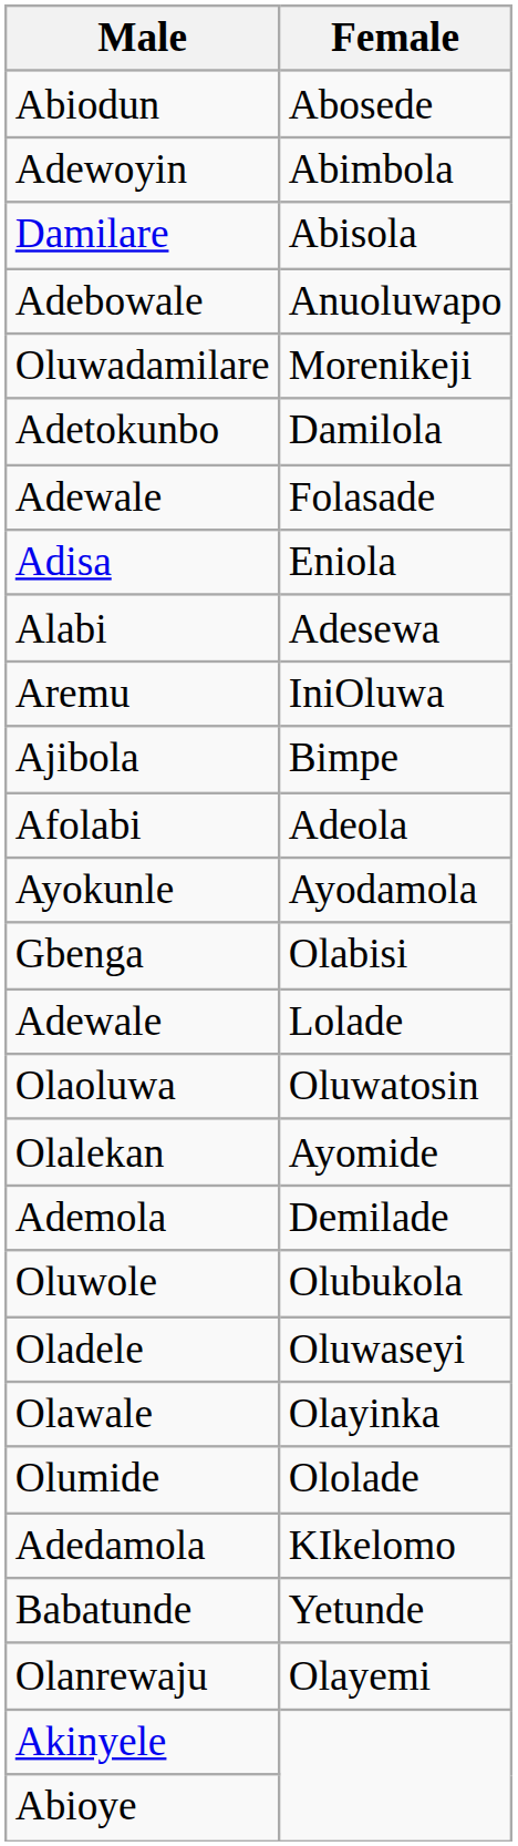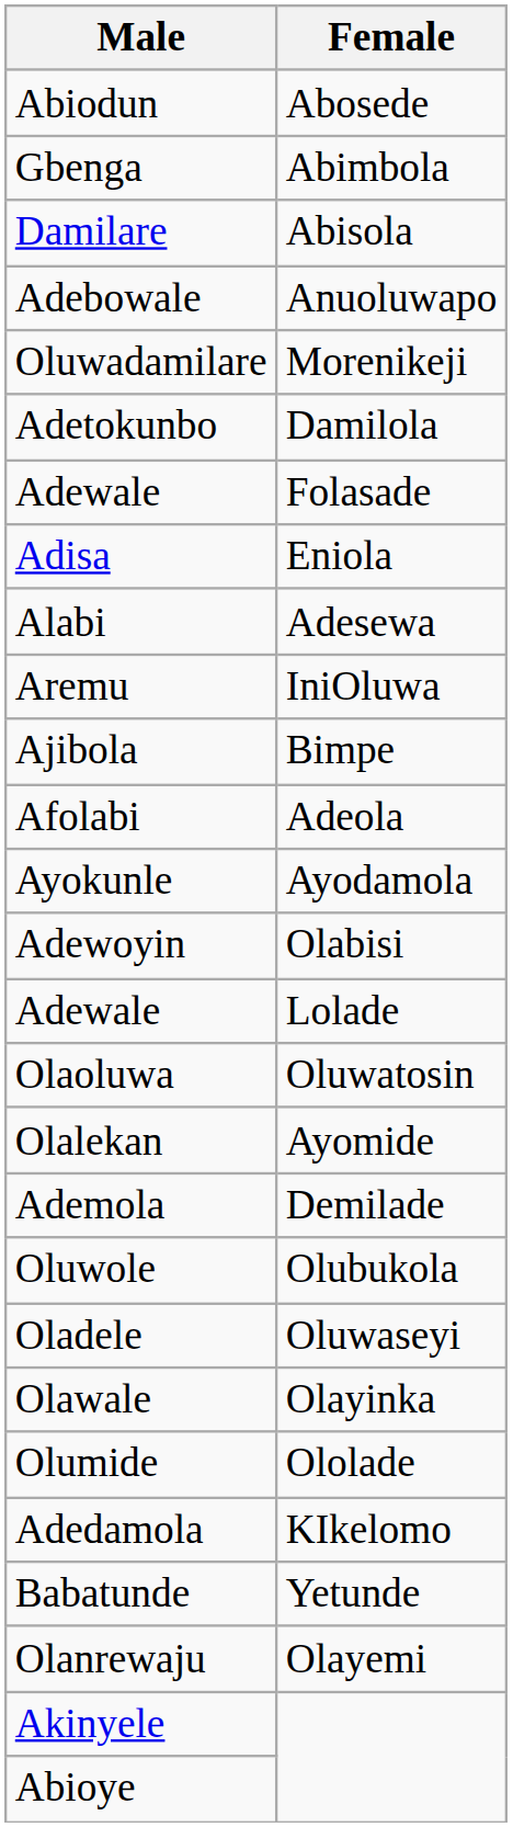 <table class="wikitable">
 <tr>
 <th>Male</th>
 <th>Female</th>
 </tr>
 <tr>
 <td>Abiodun</td>
 <td>Abosede</td>
 </tr>
 <tr>
-<td>Adewoyin</td>
+<td>Gbenga</td>
 <td>Abimbola</td>
 </tr>
 <tr>
 <td><a href='#'>Damilare</a></td>
 <td>Abisola</td>
 </tr>
 <tr>
 <td>Adebowale</td>
 <td>Anuoluwapo</td>
 </tr>
 <tr>
 <td>Oluwadamilare</td>
 <td>Morenikeji</td>
 </tr>
 <tr>
 <td>Adetokunbo</td>
 <td>Damilola</td>
 </tr>
 <tr>
 <td>Adewale</td>
 <td>Folasade</td>
 </tr>
 <tr>
 <td><a href='#'>Adisa</a></td>
 <td>Eniola</td>
 </tr>
 <tr>
 <td>Alabi</td>
 <td>Adesewa</td>
 </tr>
 <tr>
 <td>Aremu</td>
 <td>IniOluwa</td>
 </tr>
 <tr>
 <td>Ajibola</td>
 <td>Bimpe</td>
 </tr>
 <tr>
 <td>Afolabi</td>
 <td>Adeola</td>
 </tr>
 <tr>
 <td>Ayokunle</td>
 <td>Ayodamola</td>
 </tr>
 <tr>
-<td>Gbenga</td>
+<td>Adewoyin</td>
 <td>Olabisi</td>
 </tr>
 <tr>
 <td>Adewale</td>
 <td>Lolade</td>
 </tr>
 <tr>
 <td>Olaoluwa</td>
 <td>Oluwatosin</td>
 </tr>
 <tr>
 <td>Olalekan</td>
 <td>Ayomide</td>
 </tr>
 <tr>
 <td>Ademola</td>
 <td>Demilade</td>
 </tr>
 <tr>
 <td>Oluwole</td>
 <td>Olubukola</td>
 </tr>
 <tr>
 <td>Oladele</td>
 <td>Oluwaseyi</td>
 </tr>
 <tr>
 <td>Olawale</td>
 <td>Olayinka</td>
 </tr>
 <tr>
 <td>Olumide</td>
 <td>Ololade</td>
 </tr>
 <tr>
 <td>Adedamola</td>
 <td>KIkelomo</td>
 </tr>
 <tr>
 <td>Babatunde</td>
 <td>Yetunde</td>
 </tr>
 <tr>
 <td>Olanrewaju</td>
 <td>Olayemi</td>
 </tr>
 <tr>
 <td><a href='#'>Akinyele</a></td>
 <td rowspan="2"></td>
 </tr>
 <tr>
 <td>Abioye</td>
 </tr>
 </table>
